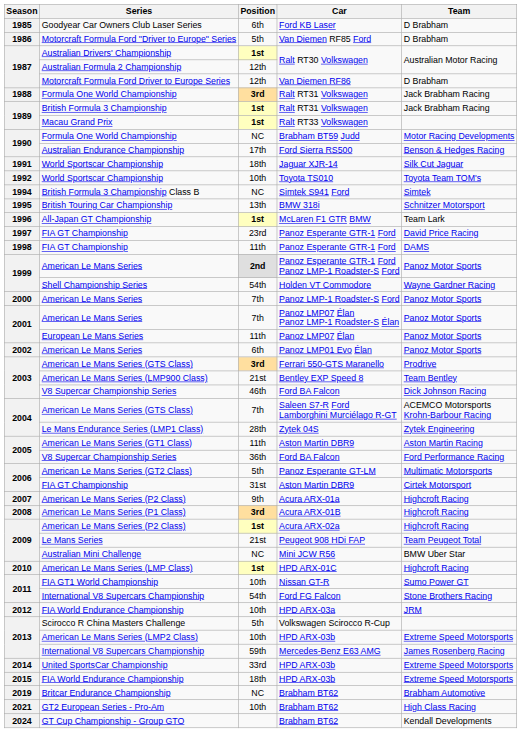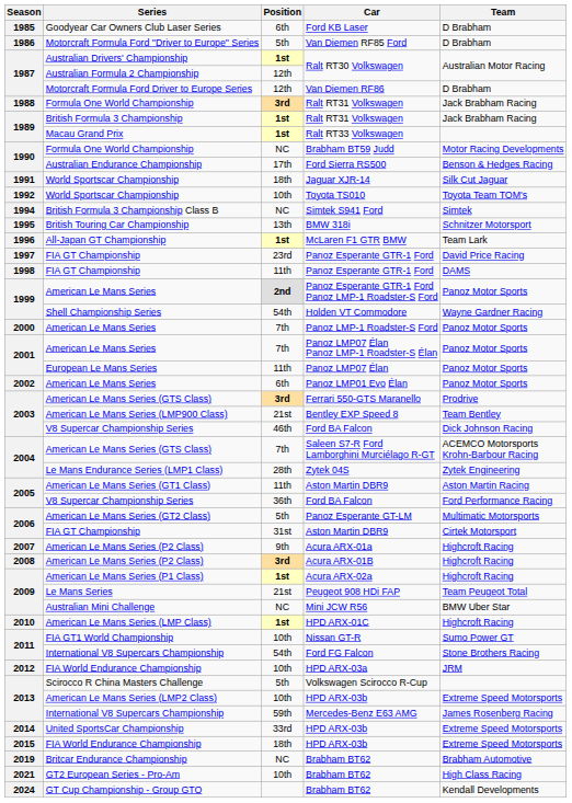 <table class="wikitable" style="font-size: 90%;">
 <tr>
 <th>Season</th>
 <th>Series</th>
 <th>Position</th>
 <th>Car</th>
 <th>Team</th>
 </tr>
 <tr>
 <th>1985</th>
 <td>Goodyear Car Owners Club Laser Series</td>
 <td style="text-align:center;">6th</td>
 <td><a href='#'>Ford KB Laser</a></td>
 <td>D Brabham</td>
 </tr>
 <tr>
 <th>1986</th>
 <td nowrap><a href='#'>Motorcraft Formula Ford "Driver to Europe" Series</a></td>
 <td style="text-align:center;">5th</td>
 <td><a href='#'>Van Diemen</a> RF85 <a href='#'>Ford</a></td>
 <td>D Brabham</td>
 </tr>
 <tr>
 <th rowspan=3>1987</th>
 <td><a href='#'>Australian Drivers' Championship</a></td>
 <td style="text-align:center; background:#ffffbf;"><strong>1st</strong></td>
 <td rowspan=2><a href='#'>Ralt</a> RT30 <a href='#'>Volkswagen</a></td>
 <td rowspan=2>Australian Motor Racing</td>
 </tr>
 <tr>
 <td><a href='#'>Australian Formula 2 Championship</a></td>
 <td style="text-align:center;">12th</td>
 </tr>
 <tr>
 <td><a href='#'>Motorcraft Formula Ford Driver to Europe Series</a></td>
 <td style="text-align:center;">12th</td>
 <td><a href='#'>Van Diemen RF86</a></td>
 <td>D Brabham</td>
 </tr>
 <tr>
 <th>1988</th>
 <td><a href='#'>Formula One World Championship</a></td>
 <td style="text-align:center; background:#ffdf9f;"><strong>3rd</strong></td>
 <td><a href='#'>Ralt</a> RT31 <a href='#'>Volkswagen</a></td>
 <td>Jack Brabham Racing</td>
 </tr>
 <tr>
 <th rowspan=2>1989</th>
 <td><a href='#'>British Formula 3 Championship</a></td>
 <td style="text-align:center; background:#ffffbf;"><strong>1st</strong></td>
 <td><a href='#'>Ralt</a> RT31 <a href='#'>Volkswagen</a></td>
 <td>Jack Brabham Racing</td>
 </tr>
 <tr>
 <td><a href='#'>Macau Grand Prix</a></td>
 <td style="text-align:center; background:#ffffbf;"><strong>1st</strong></td>
 <td><a href='#'>Ralt</a> RT33 <a href='#'>Volkswagen</a></td>
 <td></td>
 </tr>
 <tr>
 <th rowspan=2>1990</th>
 <td><a href='#'>Formula One World Championship</a></td>
 <td style="text-align:center;">NC</td>
 <td><a href='#'>Brabham BT59</a> <a href='#'>Judd</a></td>
 <td><a href='#'>Motor Racing Developments</a></td>
 </tr>
 <tr>
 <td><a href='#'>Australian Endurance Championship</a></td>
 <td style="text-align:center;">17th</td>
 <td><a href='#'>Ford Sierra RS500</a></td>
 <td><a href='#'>Benson & Hedges Racing</a></td>
 </tr>
 <tr>
 <th>1991</th>
 <td><a href='#'>World Sportscar Championship</a></td>
 <td style="text-align:center;">18th</td>
 <td><a href='#'>Jaguar XJR-14</a></td>
 <td><a href='#'>Silk Cut Jaguar</a></td>
 </tr>
 <tr>
 <th>1992</th>
 <td><a href='#'>World Sportscar Championship</a></td>
 <td style="text-align:center;">10th</td>
 <td><a href='#'>Toyota TS010</a></td>
 <td><a href='#'>Toyota Team TOM's</a></td>
 </tr>
 <tr>
 <th>1994</th>
 <td><a href='#'>British Formula 3 Championship</a> Class B</td>
 <td style="text-align:center;">NC</td>
 <td><a href='#'>Simtek S941</a> <a href='#'>Ford</a></td>
 <td><a href='#'>Simtek</a></td>
 </tr>
 <tr>
 <th>1995</th>
 <td><a href='#'>British Touring Car Championship</a></td>
 <td style="text-align:center;">13th</td>
 <td><a href='#'>BMW 318i</a></td>
 <td><a href='#'>Schnitzer Motorsport</a></td>
 </tr>
 <tr>
 <th>1996</th>
 <td><a href='#'>All-Japan GT Championship</a></td>
 <td style="text-align:center; background:#ffffbf;"><strong>1st</strong></td>
 <td><a href='#'>McLaren F1 GTR</a> <a href='#'>BMW</a></td>
 <td>Team Lark</td>
 </tr>
 <tr>
 <th>1997</th>
 <td><a href='#'>FIA GT Championship</a></td>
 <td style="text-align:center;">23rd</td>
 <td><a href='#'>Panoz Esperante GTR-1</a> <a href='#'>Ford</a></td>
 <td><a href='#'>David Price Racing</a></td>
 </tr>
 <tr>
 <th>1998</th>
 <td><a href='#'>FIA GT Championship</a></td>
 <td style="text-align:center;">11th</td>
 <td><a href='#'>Panoz Esperante GTR-1</a> <a href='#'>Ford</a></td>
 <td><a href='#'>DAMS</a></td>
 </tr>
 <tr>
 <th rowspan=2>1999</th>
 <td><a href='#'>American Le Mans Series</a></td>
 <td style="text-align:center; background:#dfdfdf;"><strong>2nd</strong></td>
 <td nowrap><a href='#'>Panoz Esperante GTR-1</a> <a href='#'>Ford</a><br><a href='#'>Panoz LMP-1 Roadster-S</a> <a href='#'>Ford</a></td>
 <td><a href='#'>Panoz Motor Sports</a></td>
 </tr>
 <tr>
 <td><a href='#'>Shell Championship Series</a></td>
 <td style="text-align:center;">54th</td>
 <td><a href='#'>Holden VT Commodore</a></td>
 <td><a href='#'>Wayne Gardner Racing</a></td>
 </tr>
 <tr>
 <th>2000</th>
 <td><a href='#'>American Le Mans Series</a></td>
 <td style="text-align:center;">7th</td>
 <td><a href='#'>Panoz LMP-1 Roadster-S</a> <a href='#'>Ford</a></td>
 <td><a href='#'>Panoz Motor Sports</a></td>
 </tr>
 <tr>
 <th rowspan=2>2001</th>
 <td><a href='#'>American Le Mans Series</a></td>
 <td style="text-align:center;">7th</td>
 <td><a href='#'>Panoz LMP07</a> <a href='#'>Élan</a><br><a href='#'>Panoz LMP-1 Roadster-S</a> <a href='#'>Élan</a></td>
 <td><a href='#'>Panoz Motor Sports</a></td>
 </tr>
 <tr>
 <td><a href='#'>European Le Mans Series</a></td>
 <td style="text-align:center;">11th</td>
 <td><a href='#'>Panoz LMP07</a> <a href='#'>Élan</a></td>
 <td><a href='#'>Panoz Motor Sports</a></td>
 </tr>
 <tr>
 <th>2002</th>
 <td><a href='#'>American Le Mans Series</a></td>
 <td style="text-align:center;">6th</td>
 <td><a href='#'>Panoz LMP01 Evo</a> <a href='#'>Élan</a></td>
 <td><a href='#'>Panoz Motor Sports</a></td>
 </tr>
 <tr>
 <th rowspan=3>2003</th>
 <td><a href='#'>American Le Mans Series (GTS Class)</a></td>
 <td style="text-align:center; background:#ffdf9f;"><strong>3rd</strong></td>
 <td><a href='#'>Ferrari 550-GTS Maranello</a></td>
 <td><a href='#'>Prodrive</a></td>
 </tr>
 <tr>
 <td><a href='#'>American Le Mans Series (LMP900 Class)</a></td>
 <td style="text-align:center;">21st</td>
 <td><a href='#'>Bentley EXP Speed 8</a></td>
 <td><a href='#'>Team Bentley</a></td>
 </tr>
 <tr>
 <td><a href='#'>V8 Supercar Championship Series</a></td>
 <td style="text-align:center;">46th</td>
 <td><a href='#'>Ford BA Falcon</a></td>
 <td><a href='#'>Dick Johnson Racing</a></td>
 </tr>
 <tr>
 <th rowspan=2>2004</th>
 <td><a href='#'>American Le Mans Series (GTS Class)</a></td>
 <td style="text-align:center;">7th</td>
 <td><a href='#'>Saleen S7-R</a> <a href='#'>Ford</a><br><a href='#'>Lamborghini Murciélago R-GT</a></td>
 <td>ACEMCO Motorsports<br><a href='#'>Krohn-Barbour Racing</a></td>
 </tr>
 <tr>
 <td><a href='#'>Le Mans Endurance Series (LMP1 Class)</a></td>
 <td style="text-align:center;">28th</td>
 <td><a href='#'>Zytek 04S</a></td>
 <td><a href='#'>Zytek Engineering</a></td>
 </tr>
 <tr>
 <th rowspan=2>2005</th>
 <td><a href='#'>American Le Mans Series (GT1 Class)</a></td>
 <td style="text-align:center;">11th</td>
 <td><a href='#'>Aston Martin DBR9</a></td>
 <td><a href='#'>Aston Martin Racing</a></td>
 </tr>
 <tr>
 <td><a href='#'>V8 Supercar Championship Series</a></td>
 <td style="text-align:center;">36th</td>
 <td><a href='#'>Ford BA Falcon</a></td>
 <td><a href='#'>Ford Performance Racing</a></td>
 </tr>
 <tr>
 <th rowspan=2>2006</th>
 <td><a href='#'>American Le Mans Series (GT2 Class)</a></td>
 <td style="text-align:center;">5th</td>
 <td><a href='#'>Panoz Esperante GT-LM</a></td>
 <td><a href='#'>Multimatic Motorsports</a></td>
 </tr>
 <tr>
 <td><a href='#'>FIA GT Championship</a></td>
 <td style="text-align:center;">31st</td>
 <td><a href='#'>Aston Martin DBR9</a></td>
 <td><a href='#'>Cirtek Motorsport</a></td>
 </tr>
 <tr>
 <th>2007</th>
 <td><a href='#'>American Le Mans Series (P2 Class)</a></td>
 <td style="text-align:center;">9th</td>
 <td><a href='#'>Acura ARX-01a</a></td>
 <td><a href='#'>Highcroft Racing</a></td>
 </tr>
 <tr>
 <th>2008</th>
-<td><a href='#'>American Le Mans Series (P1 Class)</a></td>
+<td><a href='#'>American Le Mans Series (P2 Class)</a></td>
 <td style="text-align:center; background:#ffdf9f;"><strong>3rd</strong></td>
 <td><a href='#'>Acura ARX-01B</a></td>
 <td><a href='#'>Highcroft Racing</a></td>
 </tr>
 <tr>
 <th rowspan=3>2009</th>
-<td><a href='#'>American Le Mans Series (P2 Class)</a></td>
+<td><a href='#'>American Le Mans Series (P1 Class)</a></td>
 <td style="text-align:center; background:#ffffbf;"><strong>1st</strong></td>
 <td><a href='#'>Acura ARX-02a</a></td>
 <td><a href='#'>Highcroft Racing</a></td>
 </tr>
 <tr>
 <td><a href='#'>Le Mans Series</a></td>
 <td style="text-align:center;">21st</td>
 <td><a href='#'>Peugeot 908 HDi FAP</a></td>
 <td><a href='#'>Team Peugeot Total</a></td>
 </tr>
 <tr>
 <td><a href='#'>Australian Mini Challenge</a></td>
 <td style="text-align:center;">NC</td>
 <td><a href='#'>Mini JCW R56</a></td>
 <td>BMW Uber Star</td>
 </tr>
 <tr>
 <th>2010</th>
 <td><a href='#'>American Le Mans Series (LMP Class)</a></td>
 <td style="text-align:center; background:#ffffbf;"><strong>1st</strong></td>
 <td><a href='#'>HPD ARX-01C</a></td>
 <td><a href='#'>Highcroft Racing</a></td>
 </tr>
 <tr>
 <th rowspan=2>2011</th>
 <td><a href='#'>FIA GT1 World Championship</a></td>
 <td style="text-align:center;">10th</td>
 <td><a href='#'>Nissan GT-R</a></td>
 <td><a href='#'>Sumo Power GT</a></td>
 </tr>
 <tr>
 <td><a href='#'>International V8 Supercars Championship</a></td>
 <td style="text-align:center;">54th</td>
 <td><a href='#'>Ford FG Falcon</a></td>
 <td><a href='#'>Stone Brothers Racing</a></td>
 </tr>
 <tr>
 <th>2012</th>
 <td><a href='#'>FIA World Endurance Championship</a></td>
 <td style="text-align:center;">10th</td>
 <td><a href='#'>HPD ARX-03a</a></td>
 <td><a href='#'>JRM</a></td>
 </tr>
 <tr>
 <th rowspan=3>2013</th>
 <td>Scirocco R China Masters Challenge</td>
 <td style="text-align:center;">5th</td>
 <td>Volkswagen Scirocco R-Cup</td>
 <td></td>
 </tr>
 <tr>
 <td><a href='#'>American Le Mans Series (LMP2 Class)</a></td>
 <td style="text-align:center;">10th</td>
 <td><a href='#'>HPD ARX-03b</a></td>
 <td nowrap><a href='#'>Extreme Speed Motorsports</a></td>
 </tr>
 <tr>
 <td><a href='#'>International V8 Supercars Championship</a></td>
 <td style="text-align:center;">59th</td>
 <td><a href='#'>Mercedes-Benz E63 AMG</a></td>
 <td><a href='#'>James Rosenberg Racing</a></td>
 </tr>
 <tr>
 <th>2014</th>
 <td><a href='#'>United SportsCar Championship</a></td>
 <td style="text-align:center;">33rd</td>
 <td><a href='#'>HPD ARX-03b</a></td>
 <td><a href='#'>Extreme Speed Motorsports</a></td>
 </tr>
 <tr>
 <th>2015</th>
 <td><a href='#'>FIA World Endurance Championship</a></td>
 <td style="text-align:center;">18th</td>
 <td><a href='#'>HPD ARX-03b</a></td>
 <td><a href='#'>Extreme Speed Motorsports</a></td>
 </tr>
 <tr>
 <th>2019</th>
 <td><a href='#'>Britcar Endurance Championship</a></td>
 <td style="text-align:center;">NC</td>
 <td><a href='#'>Brabham BT62</a></td>
 <td><a href='#'>Brabham Automotive</a></td>
 </tr>
 <tr>
 <th>2021</th>
 <td><a href='#'>GT2 European Series - Pro-Am</a></td>
 <td style="text-align:center;">10th</td>
 <td><a href='#'>Brabham BT62</a></td>
 <td><a href='#'>High Class Racing</a></td>
 </tr>
 <tr>
 <th>2024</th>
 <td><a href='#'>GT Cup Championship - Group GTO</a></td>
 <td></td>
 <td><a href='#'>Brabham BT62</a></td>
 <td>Kendall Developments</td>
 </tr>
 </table>
